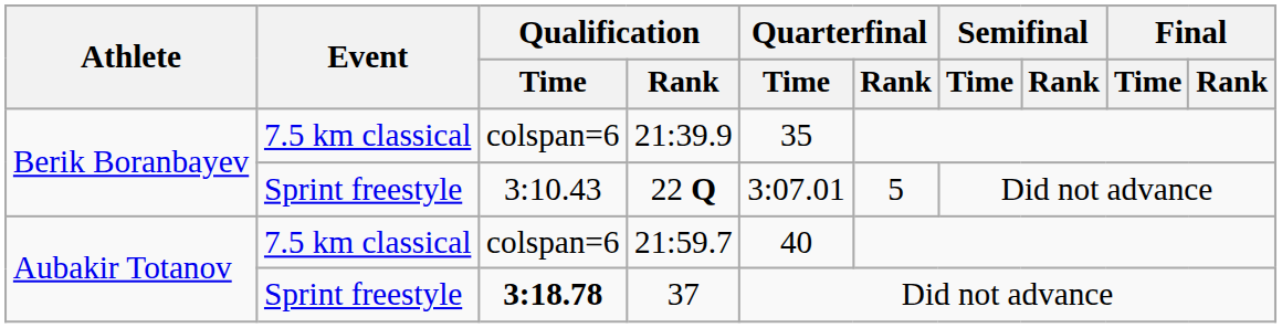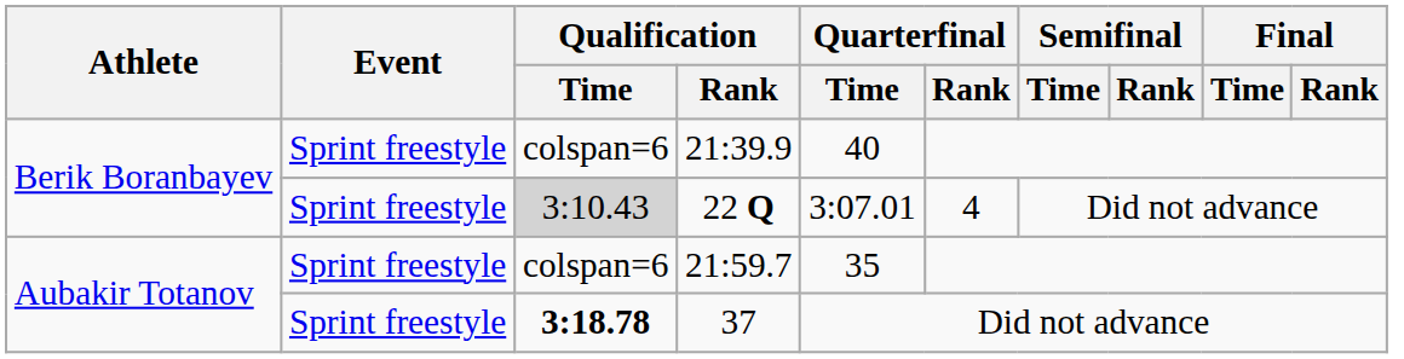 <table class="wikitable" style="font-size:90%">
 <tr>
 <th rowspan="2">Athlete</th>
 <th rowspan="2">Event</th>
 <th colspan="2">Qualification</th>
 <th colspan="2">Quarterfinal</th>
 <th colspan="2">Semifinal</th>
 <th colspan="2">Final</th>
 </tr>
 <tr style="font-size:95%">
 <th>Time</th>
 <th>Rank</th>
 <th>Time</th>
 <th>Rank</th>
 <th>Time</th>
 <th>Rank</th>
 <th>Time</th>
 <th>Rank</th>
 </tr>
 <tr align=center>
 <td align=left rowspan=2><a href='#'>Berik Boranbayev</a></td>
-<td align=left><a href='#'>7.5 km classical</a></td>
+<td align=left><a href='#'>Sprint freestyle</a></td>
 <td>colspan=6</td>
 <td>21:39.9</td>
-<td>35</td>
+<td>40</td>
 </tr>
 <tr align=center>
 <td align=left><a href='#'>Sprint freestyle</a></td>
-<td>3:10.43</td>
+<td style="background: lightgrey;">3:10.43</td>
 <td>22 <strong>Q</strong></td>
 <td>3:07.01</td>
-<td>5</td>
+<td>4</td>
 <td colspan=4>Did not advance</td>
 </tr>
 <tr align=center>
 <td align=left rowspan=2><a href='#'>Aubakir Totanov</a></td>
-<td align=left><a href='#'>7.5 km classical</a></td>
+<td align=left><a href='#'>Sprint freestyle</a></td>
 <td>colspan=6</td>
 <td>21:59.7</td>
-<td>40</td>
+<td>35</td>
 </tr>
 <tr align=center>
 <td align=left><a href='#'>Sprint freestyle</a></td>
 <td><strong>3:18.78</strong></td>
 <td>37</td>
 <td colspan=6>Did not advance</td>
 </tr>
 </table>
